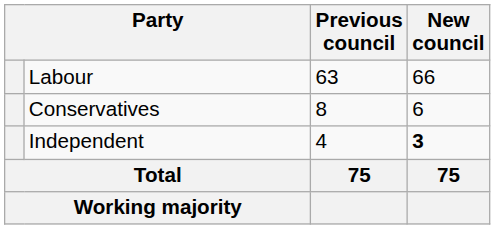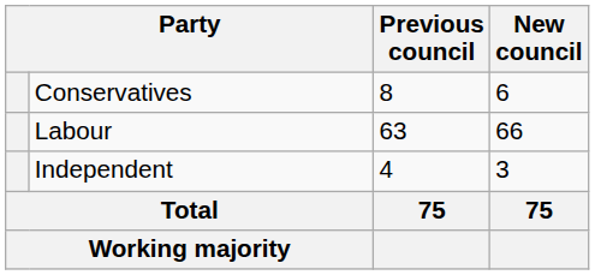 <table class="wikitable">
 <tr>
 <th colspan="2" valign="top" style="width: 230px">Party</th>
 <th valign="top" style="width: 30px">Previous council</th>
 <th valign="top" style="width: 30px">New council</th>
+</tr>
+<tr>
+<th style="background-color: "></th>
+<td>Conservatives</td>
+<td>8</td>
+<td>6</td>
 </tr>
 <tr>
 <th style="background-color: "></th>
 <td>Labour</td>
 <td>63</td>
 <td>66</td>
 </tr>
 <tr>
 <th style="background-color: "></th>
-<td>Conservatives</td>
-<td>8</td>
-<td>6</td>
-</tr>
-<tr>
-<th style="background-color: "></th>
 <td>Independent</td>
 <td>4</td>
-<td><strong>3</strong></td>
+<td>3</td>
 </tr>
 <tr>
 <th colspan="2">Total</th>
 <th style="text-align: center">75</th>
 <th>75</th>
 </tr>
 <tr>
 <th colspan="2">Working majority</th>
 <th></th>
 <th></th>
 </tr>
 </table>
